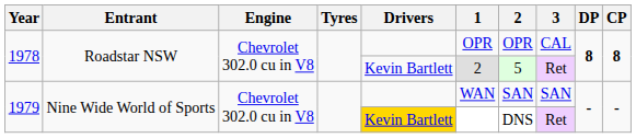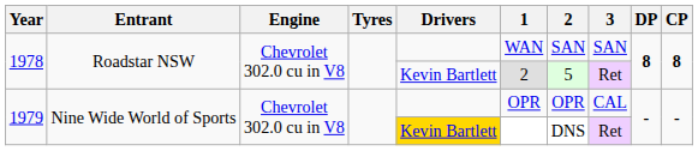 <table class="wikitable" style="text-align:center; font-size:95%">
 <tr>
 <th>Year</th>
 <th>Entrant</th>
 <th>Engine</th>
 <th>Tyres</th>
 <th>Drivers</th>
 <th>1</th>
 <th>2</th>
 <th>3</th>
 <th>DP</th>
 <th>CP</th>
 </tr>
 <tr>
 <td rowspan="2"><a href='#'>1978</a></td>
 <td rowspan="2">Roadstar NSW</td>
 <td rowspan="2"><a href='#'>Chevrolet</a> <br>302.0 cu in <a href='#'>V8</a></td>
 <td rowspan="2"></td>
 <td></td>
-<td><a href='#'>OPR</a></td>
-<td><a href='#'>OPR</a></td>
-<td><a href='#'>CAL</a></td>
+<td><a href='#'>WAN</a></td>
+<td><a href='#'>SAN</a></td>
+<td><a href='#'>SAN</a></td>
 <td rowspan="2"><strong>8</strong></td>
 <td rowspan="2"><strong>8</strong></td>
 </tr>
 <tr>
 <td align="left"> <a href='#'>Kevin Bartlett</a></td>
 <td style="background:#dfdfdf;">2</td>
 <td style="background:#DFFFDF;">5</td>
 <td style="background:#EFCFFF;">Ret</td>
 </tr>
 <tr>
 <td rowspan="2"><a href='#'>1979</a></td>
 <td rowspan="2">Nine Wide World of Sports</td>
 <td rowspan="2"><a href='#'>Chevrolet</a> <br>302.0 cu in <a href='#'>V8</a></td>
 <td rowspan="2"></td>
 <td></td>
-<td><a href='#'>WAN</a></td>
-<td><a href='#'>SAN</a></td>
-<td><a href='#'>SAN</a></td>
+<td><a href='#'>OPR</a></td>
+<td><a href='#'>OPR</a></td>
+<td><a href='#'>CAL</a></td>
 <td rowspan="2"><strong>-</strong></td>
 <td rowspan="2"><strong>-</strong></td>
 </tr>
 <tr>
 <td align="left" style="background: gold;"> <a href='#'>Kevin Bartlett</a></td>
 <td style="background:#FFFFFF;"></td>
 <td style="background:#FFFFFF;">DNS</td>
 <td style="background:#EFCFFF;">Ret</td>
 </tr>
 </table>
